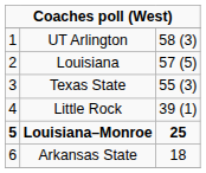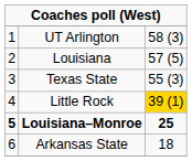 <table class="wikitable">
 <tr align="center">
 <td align="center" Colspan="3"><strong>Coaches poll (West)</strong></td>
 </tr>
 <tr align="center">
 </tr>
 <tr align="center">
 <td>1</td>
 <td>UT Arlington</td>
 <td>58 (3)</td>
 </tr>
 <tr align="center">
 <td>2</td>
 <td>Louisiana</td>
 <td>57 (5)</td>
 </tr>
 <tr align="center">
 <td>3</td>
 <td>Texas State</td>
 <td>55 (3)</td>
 </tr>
 <tr align="center">
 <td>4</td>
 <td>Little Rock</td>
-<td>39 (1)</td>
+<td style="background: gold;">39 (1)</td>
 </tr>
 <tr align="center">
 <td><strong>5</strong></td>
 <td><strong>Louisiana–Monroe</strong></td>
 <td><strong>25</strong></td>
 </tr>
 <tr align="center">
 <td>6</td>
 <td>Arkansas State</td>
 <td>18</td>
 </tr>
 <tr align="center">
 </tr>
 </table>
